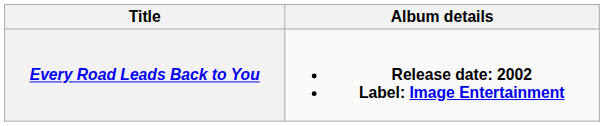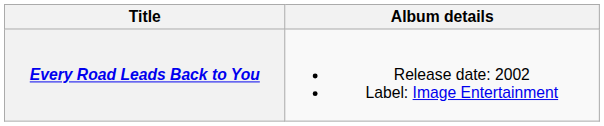 <table class="wikitable plainrowheaders" style="text-align:center;">
 <tr>
 <th style="width:18em;">Title</th>
 <th style="width:20em;">Album details</th>
 </tr>
 <tr>
 <th scope="row"><em><a href='#'>Every Road Leads Back to You</a></em></th>
-<td><strong><br><ul><li>Release date: 2002</li><li>Label: <a href='#'>Image Entertainment</a></li></ul></strong></td>
+<td><br><ul><li>Release date: 2002</li><li>Label: <a href='#'>Image Entertainment</a></li></ul></td>
 </tr>
 </table>
